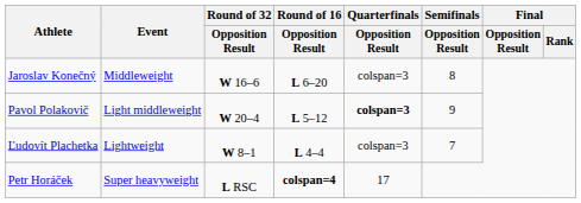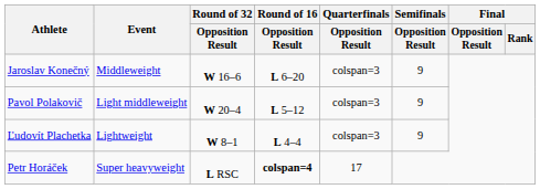 <table class="wikitable" style="font-size:90%">
 <tr>
 <th rowspan="2">Athlete</th>
 <th rowspan="2">Event</th>
 <th>Round of 32</th>
 <th>Round of 16</th>
 <th>Quarterfinals</th>
 <th>Semifinals</th>
 <th colspan=2>Final</th>
 </tr>
 <tr style="font-size:95%">
 <th>Opposition<br>Result</th>
 <th>Opposition<br>Result</th>
 <th>Opposition<br>Result</th>
 <th>Opposition<br>Result</th>
 <th>Opposition<br>Result</th>
 <th>Rank</th>
 </tr>
 <tr align=center>
 <td align=left><a href='#'>Jaroslav Konečný</a></td>
 <td align=left><a href='#'>Middleweight</a></td>
 <td><br><strong>W</strong> 16–6</td>
 <td><br><strong>L</strong> 6–20</td>
 <td>colspan=3 </td>
-<td>8</td>
+<td>9</td>
 </tr>
 <tr align=center>
 <td align=left><a href='#'>Pavol Polakovič</a></td>
 <td align=left><a href='#'>Light middleweight</a></td>
 <td><br><strong>W</strong> 20–4</td>
 <td><br><strong>L</strong> 5–12</td>
-<td><strong>colspan=3 </strong></td>
+<td>colspan=3 </td>
 <td>9</td>
 </tr>
 <tr align=center>
 <td align=left><a href='#'>Ľudovít Plachetka</a></td>
 <td align=left><a href='#'>Lightweight</a></td>
 <td><br><strong>W</strong> 8–1</td>
 <td><br><strong>L</strong> 4–4 </td>
 <td>colspan=3 </td>
-<td>7</td>
+<td>9</td>
 </tr>
 <tr align=center>
 <td align=left><a href='#'>Petr Horáček</a></td>
 <td align=left><a href='#'>Super heavyweight</a></td>
 <td><br><strong>L</strong> RSC</td>
 <td><strong>colspan=4 </strong></td>
 <td>17</td>
 </tr>
 </table>
